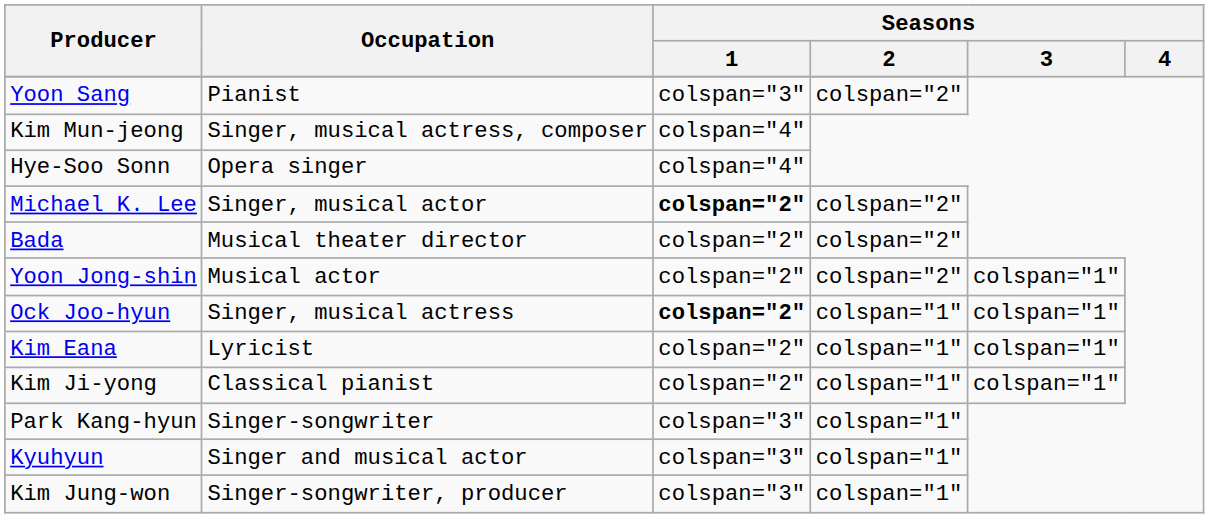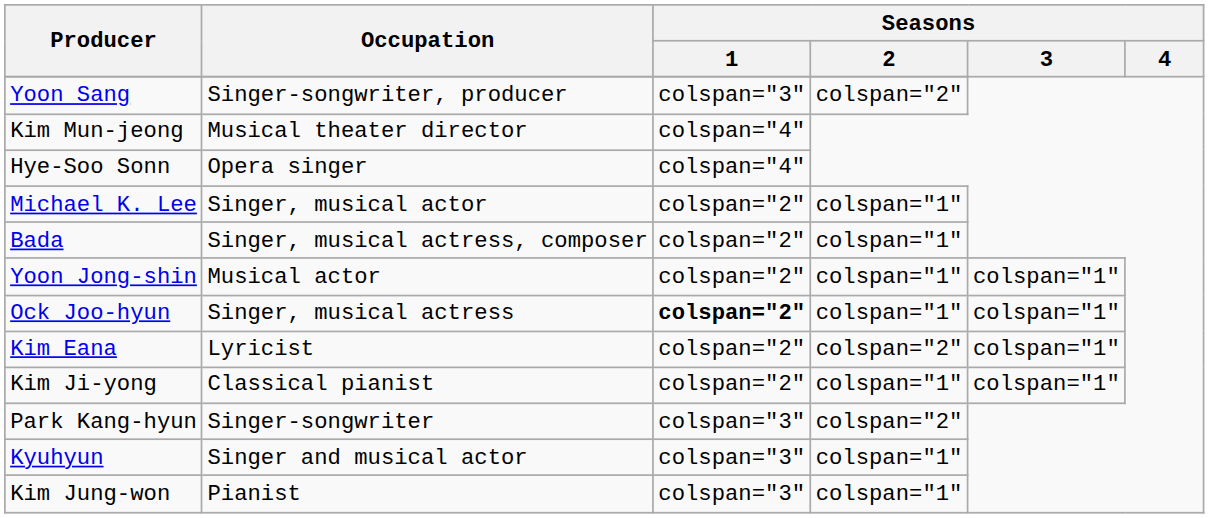 <table class="wikitable">
 <tr>
 <th rowspan="2">Producer</th>
 <th rowspan="2">Occupation</th>
 <th colspan="4">Seasons</th>
 </tr>
 <tr>
 <th width="40">1</th>
 <th width="40">2</th>
 <th width="40">3</th>
 <th width="40">4</th>
 </tr>
 <tr>
 </tr>
 <tr>
 <td><a href='#'>Yoon Sang</a></td>
-<td>Pianist</td>
+<td>Singer-songwriter, producer</td>
 <td>colspan="3" </td>
 <td>colspan="2" </td>
 </tr>
 <tr>
 <td>Kim Mun-jeong</td>
-<td>Singer, musical actress, composer</td>
+<td>Musical theater director</td>
 <td>colspan="4" </td>
 </tr>
 <tr>
 <td>Hye-Soo Sonn</td>
 <td>Opera singer</td>
 <td>colspan="4" </td>
 </tr>
 <tr>
 <td><a href='#'>Michael K. Lee</a></td>
 <td>Singer, musical actor</td>
-<td><strong>colspan="2" </strong></td>
 <td>colspan="2" </td>
+<td>colspan="1" </td>
 </tr>
 <tr>
 <td><a href='#'>Bada</a></td>
-<td>Musical theater director</td>
+<td>Singer, musical actress, composer</td>
 <td>colspan="2" </td>
-<td>colspan="2" </td>
+<td>colspan="1" </td>
 </tr>
 <tr>
 <td><a href='#'>Yoon Jong-shin</a></td>
 <td>Musical actor</td>
 <td>colspan="2" </td>
-<td>colspan="2" </td>
+<td>colspan="1" </td>
 <td>colspan="1" </td>
 </tr>
 <tr>
 <td><a href='#'>Ock Joo-hyun</a></td>
 <td>Singer, musical actress</td>
 <td><strong>colspan="2" </strong></td>
 <td>colspan="1" </td>
 <td>colspan="1" </td>
 </tr>
 <tr>
 <td><a href='#'>Kim Eana</a></td>
 <td>Lyricist</td>
 <td>colspan="2" </td>
-<td>colspan="1" </td>
+<td>colspan="2" </td>
 <td>colspan="1" </td>
 </tr>
 <tr>
 <td>Kim Ji-yong</td>
 <td>Classical pianist</td>
 <td>colspan="2" </td>
 <td>colspan="1" </td>
 <td>colspan="1" </td>
 </tr>
 <tr>
 <td>Park Kang-hyun</td>
 <td>Singer-songwriter</td>
 <td>colspan="3" </td>
-<td>colspan="1" </td>
+<td>colspan="2" </td>
 </tr>
 <tr>
 <td><a href='#'>Kyuhyun</a></td>
 <td>Singer and musical actor</td>
 <td>colspan="3" </td>
 <td>colspan="1" </td>
 </tr>
 <tr>
 <td>Kim Jung-won</td>
-<td>Singer-songwriter, producer</td>
+<td>Pianist</td>
 <td>colspan="3" </td>
 <td>colspan="1" </td>
 </tr>
 </table>
